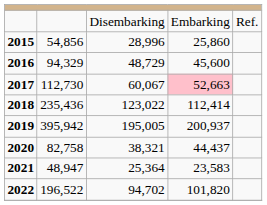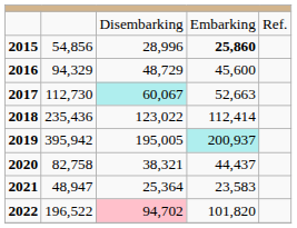 <table class="wikitable" padding="2px" style="text-align:right; ">
 <tr>
 <td colspan="11" bgcolor="tan"></td>
 </tr>
 <tr>
 <td></td>
 <td></td>
 <td>Disembarking</td>
 <td>Embarking</td>
 <td>Ref.</td>
 </tr>
 <tr>
 <td><strong>2015</strong></td>
 <td>54,856</td>
 <td>28,996</td>
-<td>25,860</td>
+<td><strong>25,860</strong></td>
 <td></td>
 </tr>
 <tr>
 <td><strong>2016</strong></td>
 <td>94,329</td>
 <td>48,729</td>
 <td>45,600</td>
 <td></td>
 </tr>
 <tr>
 <td><strong>2017</strong></td>
 <td>112,730</td>
-<td>60,067</td>
-<td style="background: pink;">52,663</td>
+<td style="background: paleturquoise;">60,067</td>
+<td>52,663</td>
 <td></td>
 </tr>
 <tr>
 <td><strong>2018</strong></td>
 <td>235,436</td>
 <td>123,022</td>
 <td>112,414</td>
 <td></td>
 </tr>
 <tr>
 <td><strong>2019</strong></td>
 <td>395,942</td>
 <td>195,005</td>
-<td>200,937</td>
+<td style="background: paleturquoise;">200,937</td>
 <td></td>
 </tr>
 <tr>
 <td><strong>2020</strong></td>
 <td>82,758</td>
 <td>38,321</td>
 <td>44,437</td>
 <td></td>
 </tr>
 <tr>
 <td><strong>2021</strong></td>
 <td>48,947</td>
 <td>25,364</td>
 <td>23,583</td>
 <td></td>
 </tr>
 <tr>
 <td><strong>2022</strong></td>
 <td>196,522</td>
-<td>94,702</td>
+<td style="background: pink;">94,702</td>
 <td>101,820</td>
 <td></td>
 </tr>
 <tr>
 </tr>
 </table>
